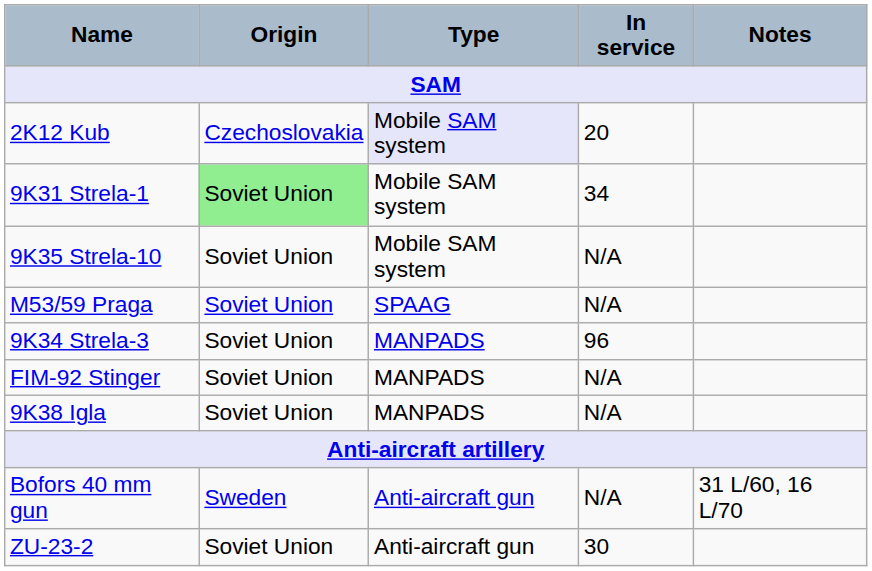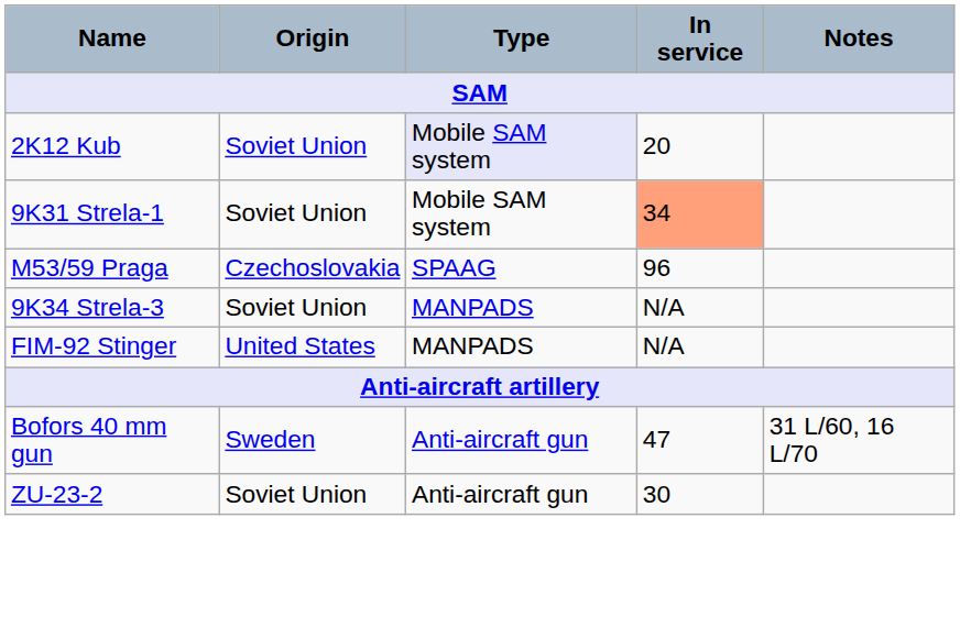 <table class="wikitable">
 <tr>
 <th style="text-align:center; background:#aabccc;">Name</th>
 <th style="text-align: center; background:#aabccc;">Origin</th>
 <th style="text-align:l center; background:#aabccc;">Type</th>
 <th style="text-align:l center; background:#aabccc;">In service</th>
 <th style="text-align: center; background:#aabccc;">Notes</th>
 </tr>
 <tr>
 <th colspan="5" style="align: center; background: lavender;"><a href='#'>SAM</a></th>
 </tr>
 <tr>
 <td><a href='#'>2K12 Kub</a></td>
-<td><a href='#'>Czechoslovakia</a></td>
+<td><a href='#'>Soviet Union</a></td>
 <td style="background: lavender;">Mobile <a href='#'>SAM</a> system</td>
 <td>20</td>
 <td></td>
 </tr>
 <tr>
 <td><a href='#'>9K31 Strela-1</a></td>
-<td style="background: lightgreen;">Soviet Union</td>
-<td>Mobile SAM system</td>
-<td>34</td>
-<td></td>
-</tr>
-<tr>
-<td><a href='#'>9K35 Strela-10</a></td>
 <td>Soviet Union</td>
 <td>Mobile SAM system</td>
-<td>N/A</td>
+<td style="background: lightsalmon;">34</td>
 <td></td>
 </tr>
 <tr>
 <td><a href='#'>M53/59 Praga</a></td>
-<td><a href='#'>Soviet Union</a></td>
+<td><a href='#'>Czechoslovakia</a></td>
 <td><a href='#'>SPAAG</a></td>
-<td>N/A</td>
+<td>96</td>
 <td></td>
 </tr>
 <tr>
 <td><a href='#'>9K34 Strela-3</a></td>
 <td>Soviet Union</td>
 <td><a href='#'>MANPADS</a></td>
-<td>96</td>
+<td>N/A</td>
 <td></td>
 </tr>
 <tr>
 <td><a href='#'>FIM-92 Stinger</a></td>
-<td>Soviet Union</td>
-<td>MANPADS</td>
-<td>N/A</td>
-<td></td>
-</tr>
-<tr>
-<td><a href='#'>9K38 Igla</a></td>
-<td>Soviet Union</td>
+<td><a href='#'>United States</a></td>
 <td>MANPADS</td>
 <td>N/A</td>
 <td></td>
 </tr>
 <tr>
 <th colspan="5" style="align: center; background: lavender;"><a href='#'>Anti-aircraft artillery</a></th>
 </tr>
 <tr>
 <td><a href='#'>Bofors 40 mm gun</a></td>
 <td><a href='#'>Sweden</a></td>
 <td><a href='#'>Anti-aircraft gun</a></td>
-<td>N/A</td>
+<td>47</td>
 <td>31 L/60, 16 L/70</td>
 </tr>
 <tr>
 <td><a href='#'>ZU-23-2</a></td>
 <td>Soviet Union</td>
 <td>Anti-aircraft gun</td>
 <td>30</td>
 <td></td>
 </tr>
 </table>
